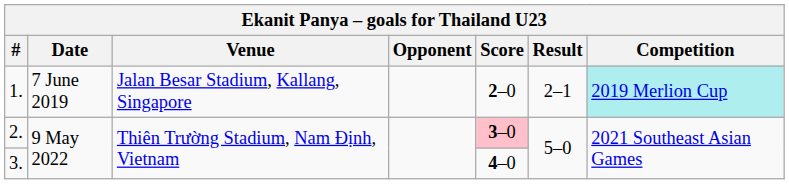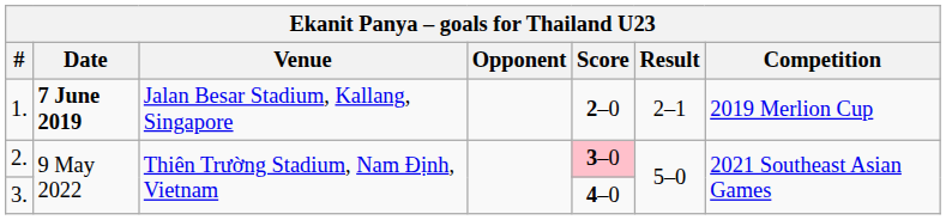 <table class="wikitable" style="font-size:90%;">
 <tr>
 <th colspan="8"><strong>Ekanit Panya – goals for Thailand U23</strong></th>
 </tr>
 <tr>
 <th>#</th>
 <th>Date</th>
 <th>Venue</th>
 <th>Opponent</th>
 <th>Score</th>
 <th>Result</th>
 <th>Competition</th>
 </tr>
 <tr>
 <td>1.</td>
-<td>7 June 2019</td>
+<td><strong>7 June 2019</strong></td>
 <td><a href='#'>Jalan Besar Stadium</a>, <a href='#'>Kallang</a>, <a href='#'>Singapore</a></td>
 <td></td>
 <td align=center><strong>2</strong>–0</td>
 <td align=center>2–1</td>
-<td style="background: paleturquoise;"><a href='#'>2019 Merlion Cup</a></td>
+<td><a href='#'>2019 Merlion Cup</a></td>
 </tr>
 <tr>
 <td>2.</td>
 <td rowspan=2>9 May 2022</td>
 <td rowspan=2><a href='#'>Thiên Trường Stadium</a>, <a href='#'>Nam Định</a>, <a href='#'>Vietnam</a></td>
 <td rowspan=2></td>
 <td align=center style="background: pink;"><strong>3</strong>–0</td>
 <td rowspan=2 align=center>5–0</td>
 <td rowspan=2><a href='#'>2021 Southeast Asian Games</a></td>
 </tr>
 <tr>
 <td>3.</td>
 <td align=center><strong>4</strong>–0</td>
 </tr>
 </table>
